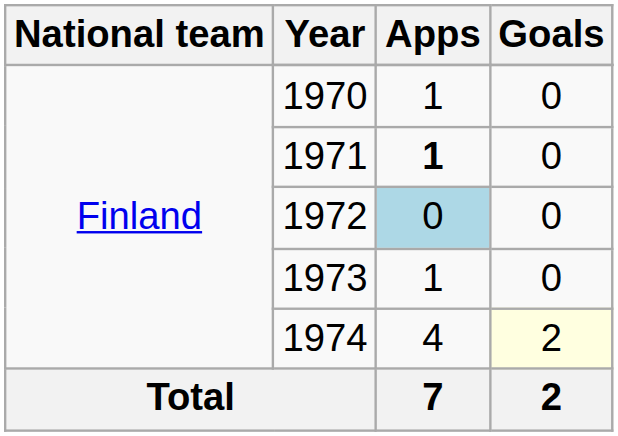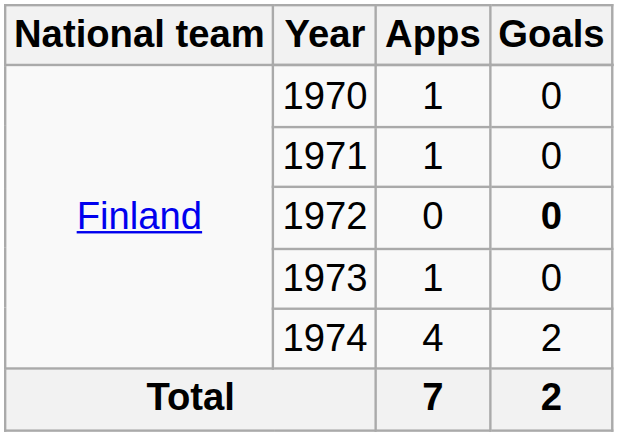 <table class="wikitable" style="text-align:center">
 <tr>
 <th>National team</th>
 <th>Year</th>
 <th>Apps</th>
 <th>Goals</th>
 </tr>
 <tr>
 <td rowspan="6"><a href='#'>Finland</a></td>
 </tr>
 <tr>
 <td>1970</td>
 <td>1</td>
 <td>0</td>
 </tr>
 <tr>
 <td>1971</td>
-<td><strong>1</strong></td>
+<td>1</td>
 <td>0</td>
 </tr>
 <tr>
 <td>1972</td>
-<td style="background: lightblue;">0</td>
 <td>0</td>
+<td><strong>0</strong></td>
 </tr>
 <tr>
 <td>1973</td>
 <td>1</td>
 <td>0</td>
 </tr>
 <tr>
 <td>1974</td>
 <td>4</td>
-<td style="background: lightyellow;">2</td>
+<td>2</td>
 </tr>
 <tr>
 <th colspan="2">Total</th>
 <th>7</th>
 <th>2</th>
 </tr>
 </table>
